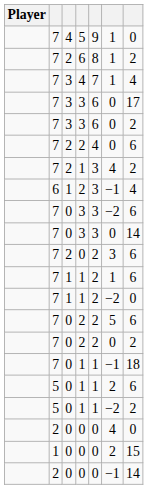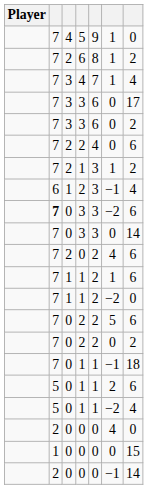 <table class="wikitable sortable" style="text-align:center;">
 <tr>
 <th>Player</th>
 <th></th>
 <th></th>
 <th></th>
 <th></th>
 <th data-sort-type="number"></th>
 <th></th>
 </tr>
 <tr>
 <td></td>
 <td>7</td>
 <td>4</td>
 <td>5</td>
 <td>9</td>
 <td>1</td>
 <td>0</td>
 </tr>
 <tr>
 <td></td>
 <td>7</td>
 <td>2</td>
 <td>6</td>
 <td>8</td>
 <td>1</td>
 <td>2</td>
 </tr>
 <tr>
 <td></td>
 <td>7</td>
 <td>3</td>
 <td>4</td>
 <td>7</td>
 <td>1</td>
 <td>4</td>
 </tr>
 <tr>
 <td></td>
 <td>7</td>
 <td>3</td>
 <td>3</td>
 <td>6</td>
 <td>0</td>
 <td>17</td>
 </tr>
 <tr>
 <td></td>
 <td>7</td>
 <td>3</td>
 <td>3</td>
 <td>6</td>
 <td>0</td>
 <td>2</td>
 </tr>
 <tr>
 <td></td>
 <td>7</td>
 <td>2</td>
 <td>2</td>
 <td>4</td>
 <td>0</td>
 <td>6</td>
 </tr>
 <tr>
 <td></td>
 <td>7</td>
 <td>2</td>
 <td>1</td>
 <td>3</td>
-<td>4</td>
+<td>1</td>
 <td>2</td>
 </tr>
 <tr>
 <td></td>
 <td>6</td>
 <td>1</td>
 <td>2</td>
 <td>3</td>
 <td>−1</td>
 <td>4</td>
 </tr>
 <tr>
 <td></td>
-<td>7</td>
+<td><strong>7</strong></td>
 <td>0</td>
 <td>3</td>
 <td>3</td>
 <td>−2</td>
 <td>6</td>
 </tr>
 <tr>
 <td></td>
 <td>7</td>
 <td>0</td>
 <td>3</td>
 <td>3</td>
 <td>0</td>
 <td>14</td>
 </tr>
 <tr>
 <td></td>
 <td>7</td>
 <td>2</td>
 <td>0</td>
 <td>2</td>
-<td>3</td>
+<td>4</td>
 <td>6</td>
 </tr>
 <tr>
 <td></td>
 <td>7</td>
 <td>1</td>
 <td>1</td>
 <td>2</td>
 <td>1</td>
 <td>6</td>
 </tr>
 <tr>
 <td></td>
 <td>7</td>
 <td>1</td>
 <td>1</td>
 <td>2</td>
 <td>−2</td>
 <td>0</td>
 </tr>
 <tr>
 <td></td>
 <td>7</td>
 <td>0</td>
 <td>2</td>
 <td>2</td>
 <td>5</td>
 <td>6</td>
 </tr>
 <tr>
 <td></td>
 <td>7</td>
 <td>0</td>
 <td>2</td>
 <td>2</td>
 <td>0</td>
 <td>2</td>
 </tr>
 <tr>
 <td></td>
 <td>7</td>
 <td>0</td>
 <td>1</td>
 <td>1</td>
 <td>−1</td>
 <td>18</td>
 </tr>
 <tr>
 <td></td>
 <td>5</td>
 <td>0</td>
 <td>1</td>
 <td>1</td>
 <td>2</td>
 <td>6</td>
 </tr>
 <tr>
 <td></td>
 <td>5</td>
 <td>0</td>
 <td>1</td>
 <td>1</td>
 <td>−2</td>
-<td>2</td>
+<td>4</td>
 </tr>
 <tr>
 <td></td>
 <td>2</td>
 <td>0</td>
 <td>0</td>
 <td>0</td>
 <td>4</td>
 <td>0</td>
 </tr>
 <tr>
 <td></td>
 <td>1</td>
 <td>0</td>
 <td>0</td>
 <td>0</td>
-<td>2</td>
+<td>0</td>
 <td>15</td>
 </tr>
 <tr>
 <td></td>
 <td>2</td>
 <td>0</td>
 <td>0</td>
 <td>0</td>
 <td>−1</td>
 <td>14</td>
 </tr>
 </table>
